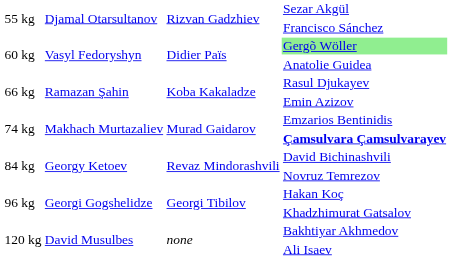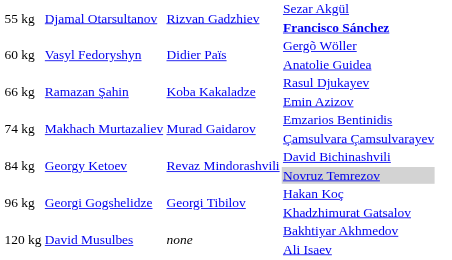 <table>
 <tr>
 <td rowspan=2>55 kg</td>
 <td rowspan=2> <a href='#'>Djamal Otarsultanov</a></td>
 <td rowspan=2> <a href='#'>Rizvan Gadzhiev</a></td>
 <td> <a href='#'>Sezar Akgül</a></td>
 </tr>
 <tr>
-<td> <a href='#'>Francisco Sánchez</a></td>
+<td><strong> <a href='#'>Francisco Sánchez</a></strong></td>
 </tr>
 <tr>
 <td rowspan=2>60 kg</td>
 <td rowspan=2> <a href='#'>Vasyl Fedoryshyn</a></td>
 <td rowspan=2> <a href='#'>Didier Païs</a></td>
-<td style="background: lightgreen;"> <a href='#'>Gergõ Wöller</a></td>
+<td> <a href='#'>Gergõ Wöller</a></td>
 </tr>
 <tr>
 <td> <a href='#'>Anatolie Guidea</a></td>
 </tr>
 <tr>
 <td rowspan=2>66 kg</td>
 <td rowspan=2> <a href='#'>Ramazan Şahin</a></td>
 <td rowspan=2> <a href='#'>Koba Kakaladze</a></td>
 <td> <a href='#'>Rasul Djukayev</a></td>
 </tr>
 <tr>
 <td> <a href='#'>Emin Azizov</a></td>
 </tr>
 <tr>
 <td rowspan=2>74 kg</td>
 <td rowspan=2> <a href='#'>Makhach Murtazaliev</a></td>
 <td rowspan=2> <a href='#'>Murad Gaidarov</a></td>
 <td> <a href='#'>Emzarios Bentinidis</a></td>
 </tr>
 <tr>
-<td><strong> <a href='#'>Çamsulvara Çamsulvarayev</a></strong></td>
+<td> <a href='#'>Çamsulvara Çamsulvarayev</a></td>
 </tr>
 <tr>
 <td rowspan=2>84 kg</td>
 <td rowspan=2> <a href='#'>Georgy Ketoev</a></td>
 <td rowspan=2> <a href='#'>Revaz Mindorashvili</a></td>
 <td> <a href='#'>David Bichinashvili</a></td>
 </tr>
 <tr>
-<td> <a href='#'>Novruz Temrezov</a></td>
+<td style="background: lightgrey;"> <a href='#'>Novruz Temrezov</a></td>
 </tr>
 <tr>
 <td rowspan=2>96 kg</td>
 <td rowspan=2> <a href='#'>Georgi Gogshelidze</a></td>
 <td rowspan=2> <a href='#'>Georgi Tibilov</a></td>
 <td> <a href='#'>Hakan Koç</a></td>
 </tr>
 <tr>
 <td> <a href='#'>Khadzhimurat Gatsalov</a></td>
 </tr>
 <tr>
 <td rowspan=2>120 kg</td>
 <td rowspan=2> <a href='#'>David Musulbes</a></td>
 <td rowspan=2><em>none</em></td>
 <td> <a href='#'>Bakhtiyar Akhmedov</a></td>
 </tr>
 <tr>
 <td> <a href='#'>Ali Isaev</a></td>
 </tr>
 </table>
